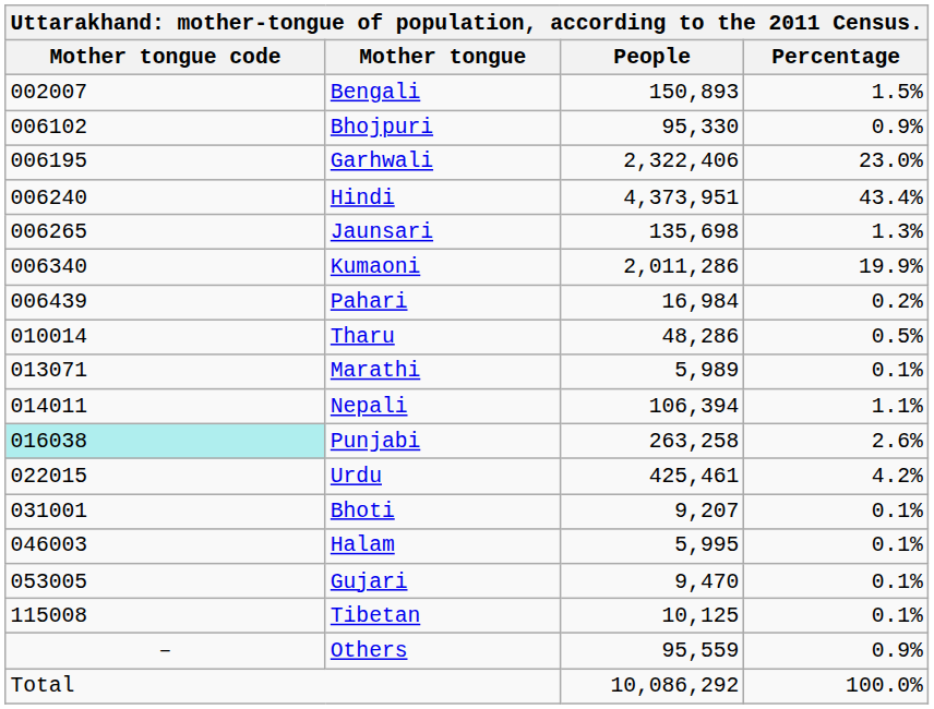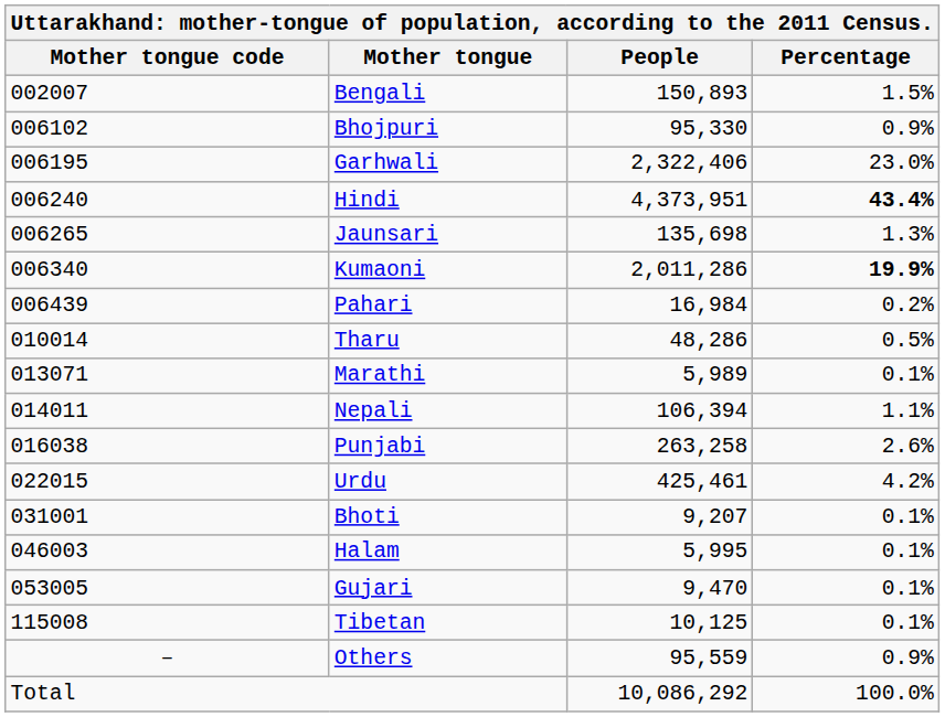 <table class="wikitable sortable mw-collapsible mw-collapsed">
 <tr style="vertical-align:top;">
 <th colspan=4>Uttarakhand: mother-tongue of population, according to the 2011 Census.</th>
 </tr>
 <tr style="vertical-align:top;">
 <th>Mother tongue code</th>
 <th>Mother tongue</th>
 <th>People</th>
 <th>Percentage</th>
 </tr>
 <tr style="vertical-align:top;">
 <td>002007</td>
 <td><a href='#'>Bengali</a></td>
 <td style="text-align: right;">150,893</td>
 <td style="text-align: right;">1.5%</td>
 </tr>
 <tr style="vertical-align:top;">
 <td>006102</td>
 <td><a href='#'>Bhojpuri</a></td>
 <td style="text-align: right;">95,330</td>
 <td style="text-align: right;">0.9%</td>
 </tr>
 <tr style="vertical-align:top;">
 <td>006195</td>
 <td><a href='#'>Garhwali</a></td>
 <td style="text-align: right;">2,322,406</td>
 <td style="text-align: right;">23.0%</td>
 </tr>
 <tr style="vertical-align:top;">
 <td>006240</td>
 <td><a href='#'>Hindi</a></td>
 <td style="text-align: right;">4,373,951</td>
-<td style="text-align: right;">43.4%</td>
+<td style="text-align: right;"><strong>43.4%</strong></td>
 </tr>
 <tr style="vertical-align:top;">
 <td>006265</td>
 <td><a href='#'>Jaunsari</a></td>
 <td style="text-align: right;">135,698</td>
 <td style="text-align: right;">1.3%</td>
 </tr>
 <tr style="vertical-align:top;">
 <td>006340</td>
 <td><a href='#'>Kumaoni</a></td>
 <td style="text-align: right;">2,011,286</td>
-<td style="text-align: right;">19.9%</td>
+<td style="text-align: right;"><strong>19.9%</strong></td>
 </tr>
 <tr style="vertical-align:top;">
 <td>006439</td>
 <td><a href='#'>Pahari</a></td>
 <td style="text-align: right;">16,984</td>
 <td style="text-align: right;">0.2%</td>
 </tr>
 <tr style="vertical-align:top;">
 <td>010014</td>
 <td><a href='#'>Tharu</a></td>
 <td style="text-align: right;">48,286</td>
 <td style="text-align: right;">0.5%</td>
 </tr>
 <tr style="vertical-align:top;">
 <td>013071</td>
 <td><a href='#'>Marathi</a></td>
 <td style="text-align: right;">5,989</td>
 <td style="text-align: right;">0.1%</td>
 </tr>
 <tr style="vertical-align:top;">
 <td>014011</td>
 <td><a href='#'>Nepali</a></td>
 <td style="text-align: right;">106,394</td>
 <td style="text-align: right;">1.1%</td>
 </tr>
 <tr style="vertical-align:top;">
-<td style="background: paleturquoise;">016038</td>
+<td>016038</td>
 <td><a href='#'>Punjabi</a></td>
 <td style="text-align: right;">263,258</td>
 <td style="text-align: right;">2.6%</td>
 </tr>
 <tr style="vertical-align:top;">
 <td>022015</td>
 <td><a href='#'>Urdu</a></td>
 <td style="text-align: right;">425,461</td>
 <td style="text-align: right;">4.2%</td>
 </tr>
 <tr style="vertical-align:top;">
 <td>031001</td>
 <td><a href='#'>Bhoti</a></td>
 <td style="text-align: right;">9,207</td>
 <td style="text-align: right;">0.1%</td>
 </tr>
 <tr style="vertical-align:top;">
 <td>046003</td>
 <td><a href='#'>Halam</a></td>
 <td style="text-align: right;">5,995</td>
 <td style="text-align: right;">0.1%</td>
 </tr>
 <tr style="vertical-align:top;">
 <td>053005</td>
 <td><a href='#'>Gujari</a></td>
 <td style="text-align: right;">9,470</td>
 <td style="text-align: right;">0.1%</td>
 </tr>
 <tr style="vertical-align:top;">
 <td>115008</td>
 <td><a href='#'>Tibetan</a></td>
 <td style="text-align: right;">10,125</td>
 <td style="text-align: right;">0.1%</td>
 </tr>
 <tr style="vertical-align:top;">
 <td style="text-align: center;">–</td>
 <td><a href='#'>Others</a></td>
 <td style="text-align: right;">95,559</td>
 <td style="text-align: right;">0.9%</td>
 </tr>
 <tr style="vertical-align:top;" class="sortbottom">
 <td colspan=2>Total</td>
 <td style="text-align: right;">10,086,292</td>
 <td style="text-align: right;">100.0%</td>
 </tr>
 </table>
